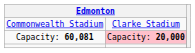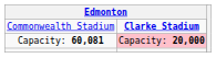 <table class=wikitable style="text-align:center"">
 <tr>
 <th colspan=3><a href='#'>Edmonton</a></th>
 <th rowspan="6"></th>
 </tr>
 <tr>
 <td><a href='#'>Commonwealth Stadium</a></td>
-<td><a href='#'>Clarke Stadium</a></td>
+<td><strong><a href='#'>Clarke Stadium</a></strong></td>
 </tr>
 <tr>
 <td>Capacity: <strong>60,081</strong></td>
 <td style="background: pink;">Capacity: <strong>20,000</strong></td>
 </tr>
 <tr>
 <td></td>
 <td></td>
 </tr>
 </table>
